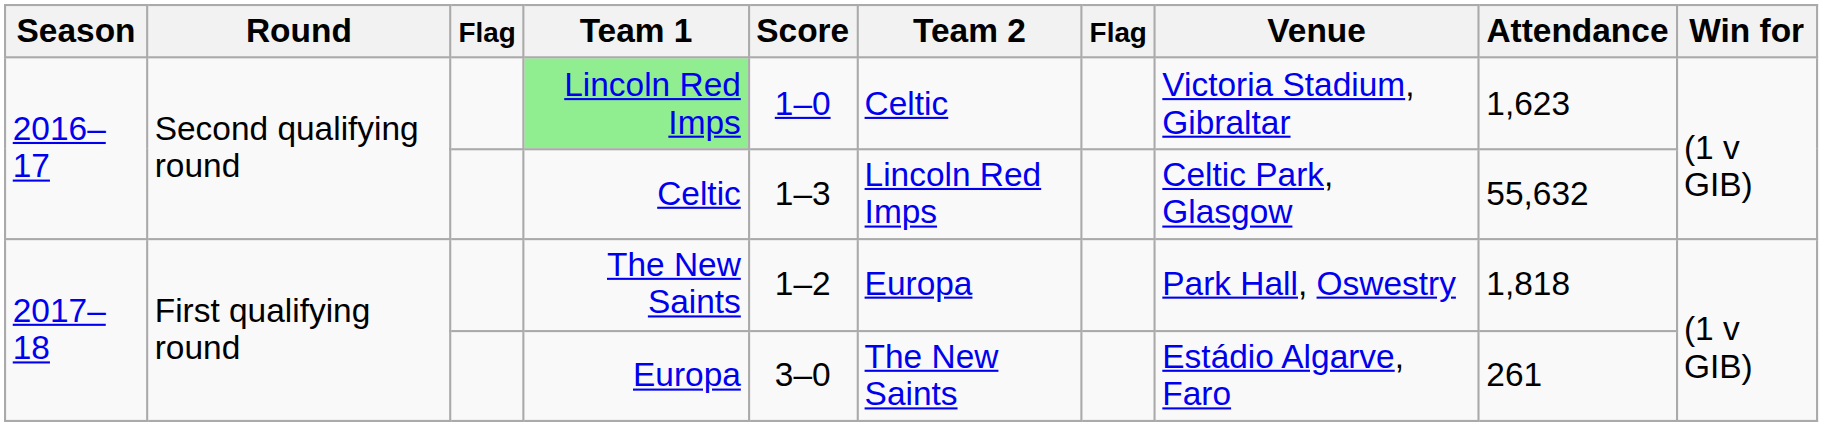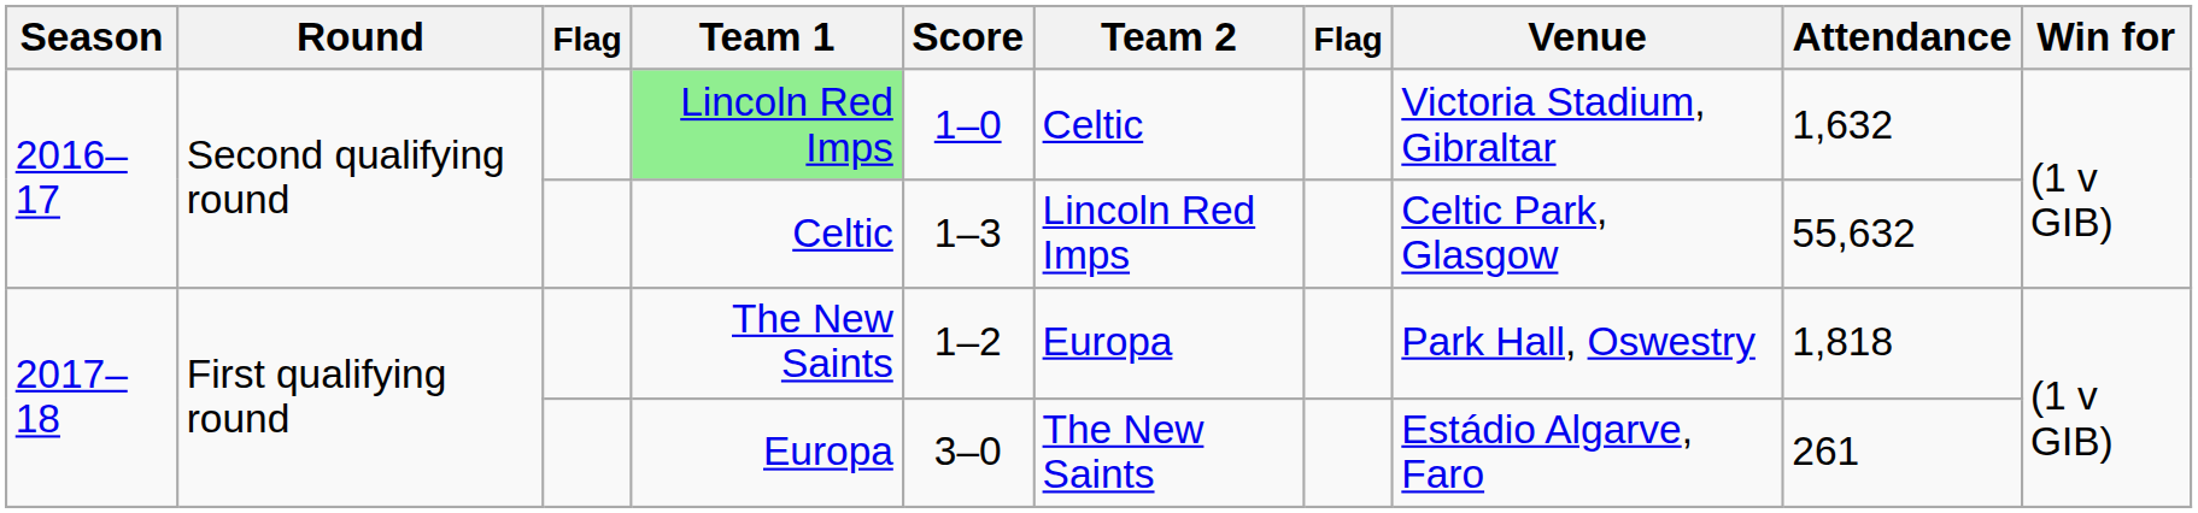 <table class="wikitable sortable">
 <tr>
 <th>Season</th>
 <th>Round</th>
 <th align=center><small>Flag</small></th>
 <th>Team 1</th>
 <th>Score</th>
 <th>Team 2</th>
 <th align=center><small>Flag</small></th>
 <th>Venue</th>
 <th>Attendance</th>
 <th width=60>Win for</th>
 </tr>
 <tr>
 <td rowspan=2><a href='#'>2016–17</a></td>
 <td rowspan=2>Second qualifying round</td>
 <td align=center></td>
 <td align="right" style="background: lightgreen;"><a href='#'>Lincoln Red Imps</a></td>
 <td style="text-align:center;"><a href='#'>1–0</a></td>
 <td><a href='#'>Celtic</a></td>
 <td align=center></td>
 <td><a href='#'>Victoria Stadium</a>, <a href='#'>Gibraltar</a></td>
-<td>1,623</td>
+<td>1,632</td>
 <td rowspan=2> <br>(1 v GIB)</td>
 </tr>
 <tr>
 <td align=center></td>
 <td align="right"><a href='#'>Celtic</a></td>
 <td style="text-align:center;">1–3</td>
 <td><a href='#'>Lincoln Red Imps</a></td>
 <td align=center></td>
 <td><a href='#'>Celtic Park</a>, <a href='#'>Glasgow</a></td>
 <td>55,632</td>
 </tr>
 <tr>
 <td rowspan=2><a href='#'>2017–18</a></td>
 <td rowspan=2>First qualifying round</td>
 <td align=center></td>
 <td align="right"><a href='#'>The New Saints</a></td>
 <td style="text-align:center;">1–2</td>
 <td><a href='#'>Europa</a></td>
 <td align=center></td>
 <td><a href='#'>Park Hall</a>, <a href='#'>Oswestry</a></td>
 <td>1,818</td>
 <td rowspan=2> <br>(1 v GIB)</td>
 </tr>
 <tr>
 <td align=center></td>
 <td align="right"><a href='#'>Europa</a></td>
 <td style="text-align:center;">3–0</td>
 <td><a href='#'>The New Saints</a></td>
 <td align=center></td>
 <td><a href='#'>Estádio Algarve</a>, <a href='#'>Faro</a></td>
 <td>261</td>
 </tr>
 </table>
